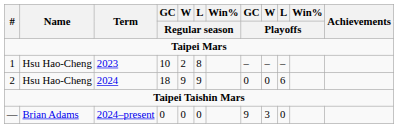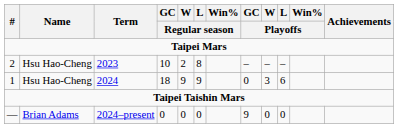 <table class="wikitable sortable">
 <tr>
 <th rowspan="2">#</th>
 <th rowspan="2">Name</th>
 <th rowspan="2">Term</th>
 <th>GC</th>
 <th>W</th>
 <th>L</th>
 <th>Win%</th>
 <th>GC</th>
 <th>W</th>
 <th>L</th>
 <th>Win%</th>
 <th rowspan="2" class=unsortable>Achievements</th>
 </tr>
 <tr class="unsortable">
 <th colspan="4">Regular season</th>
 <th colspan="4">Playoffs</th>
 </tr>
 <tr>
 <td align=center colspan="15"><strong>Taipei Mars</strong></td>
 </tr>
 <tr>
-<td align=center>1</td>
+<td align=center>2</td>
 <td>Hsu Hao-Cheng</td>
 <td><a href='#'>2023</a></td>
 <td>10</td>
 <td>2</td>
 <td>8</td>
 <td></td>
 <td>–</td>
 <td>–</td>
 <td>–</td>
 <td></td>
 <td></td>
 </tr>
 <tr>
-<td align=center>2</td>
+<td align=center>1</td>
 <td>Hsu Hao-Cheng</td>
 <td><a href='#'>2024</a></td>
 <td>18</td>
 <td>9</td>
 <td>9</td>
 <td></td>
 <td>0</td>
-<td>0</td>
+<td>3</td>
 <td>6</td>
 <td></td>
 <td></td>
 </tr>
 <tr>
 <td align=center colspan="15"><strong>Taipei Taishin Mars</strong></td>
 </tr>
 <tr>
 <td align=center>—</td>
 <td><a href='#'>Brian Adams</a></td>
 <td><a href='#'>2024–present</a></td>
 <td>0</td>
 <td>0</td>
 <td>0</td>
 <td></td>
 <td>9</td>
-<td>3</td>
+<td>0</td>
 <td>0</td>
 <td></td>
 <td></td>
 </tr>
 </table>
